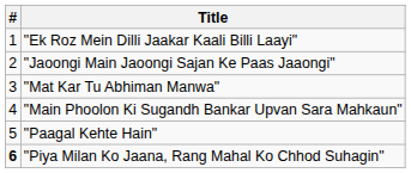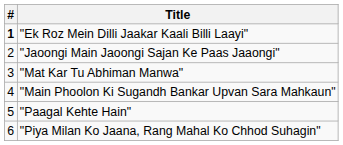 <table class="wikitable" style="font-size:95%;">
 <tr>
 <th>#</th>
 <th>Title</th>
 </tr>
 <tr>
-<td>1</td>
+<td><strong>1</strong></td>
 <td>"Ek Roz Mein Dilli Jaakar Kaali Billi Laayi"</td>
 </tr>
 <tr>
 <td>2</td>
 <td>"Jaoongi Main Jaoongi Sajan Ke Paas Jaaongi"</td>
 </tr>
 <tr>
 <td>3</td>
 <td>"Mat Kar Tu Abhiman Manwa"</td>
 </tr>
 <tr>
 <td>4</td>
 <td>"Main Phoolon Ki Sugandh Bankar Upvan Sara Mahkaun"</td>
 </tr>
 <tr>
 <td>5</td>
 <td>"Paagal Kehte Hain"</td>
 </tr>
 <tr>
-<td><strong>6</strong></td>
+<td>6</td>
 <td>"Piya Milan Ko Jaana, Rang Mahal Ko Chhod Suhagin"</td>
 </tr>
 </table>
